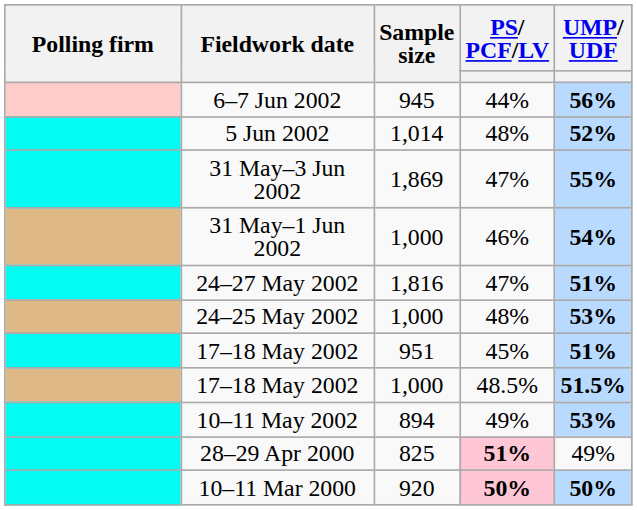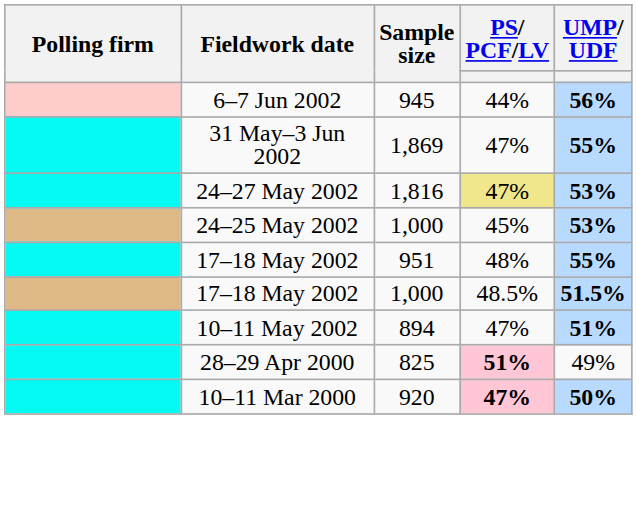 <table class="wikitable sortable" style="text-align:center;font-size:90%;line-height:14px;">
 <tr style="height:40px;">
 <th style="width:100px;" rowspan="2">Polling firm</th>
 <th style="width:110px;" rowspan="2">Fieldwork date</th>
 <th style="width:35px;" rowspan="2">Sample<br>size</th>
 <th class="unsortable" style="width:40px;"><a href='#'>PS</a>/<br><a href='#'>PCF</a>/<a href='#'>LV</a></th>
 <th class="unsortable" style="width:40px;"><a href='#'>UMP</a>/<br><a href='#'>UDF</a></th>
 </tr>
 <tr>
 <th style="background:"></th>
 <th style="background:"></th>
 </tr>
 <tr>
 <td style="background:#FFCCCC;"></td>
 <td data-sort-value="2002-06-07">6–7 Jun 2002</td>
 <td>945</td>
 <td>44%</td>
 <td style="background:#B9DAFF;"><strong>56%</strong></td>
 </tr>
 <tr>
 <td style="background:#04FBF4;"></td>
-<td data-sort-value="2002-06-05">5 Jun 2002</td>
-<td>1,014</td>
-<td>48%</td>
-<td style="background:#B9DAFF;"><strong>52%</strong></td>
-</tr>
-<tr>
-<td style="background:#04FBF4;"></td>
 <td data-sort-value="2002-06-03">31 May–3 Jun 2002</td>
 <td>1,869</td>
 <td>47%</td>
 <td style="background:#B9DAFF;"><strong>55%</strong></td>
 </tr>
 <tr>
-<td style="background:burlywood;"></td>
-<td data-sort-value="2002-06-01">31 May–1 Jun 2002</td>
-<td>1,000</td>
-<td>46%</td>
-<td style="background:#B9DAFF;"><strong>54%</strong></td>
-</tr>
-<tr>
 <td style="background:#04FBF4;"></td>
 <td data-sort-value="2002-05-27">24–27 May 2002</td>
 <td>1,816</td>
-<td>47%</td>
-<td style="background:#B9DAFF;"><strong>51%</strong></td>
+<td style="background: khaki;">47%</td>
+<td style="background:#B9DAFF;"><strong>53%</strong></td>
 </tr>
 <tr>
 <td style="background:burlywood;"></td>
 <td data-sort-value="2002-05-25">24–25 May 2002</td>
 <td>1,000</td>
-<td>48%</td>
+<td>45%</td>
 <td style="background:#B9DAFF;"><strong>53%</strong></td>
 </tr>
 <tr>
 <td style="background:#04FBF4;"></td>
 <td data-sort-value="2002-05-18">17–18 May 2002</td>
 <td>951</td>
-<td>45%</td>
-<td style="background:#B9DAFF;"><strong>51%</strong></td>
+<td>48%</td>
+<td style="background:#B9DAFF;"><strong>55%</strong></td>
 </tr>
 <tr>
 <td style="background:burlywood;"></td>
 <td data-sort-value="2002-05-18">17–18 May 2002</td>
 <td>1,000</td>
 <td>48.5%</td>
 <td style="background:#B9DAFF;"><strong>51.5%</strong></td>
 </tr>
 <tr>
 <td style="background:#04FBF4;"></td>
 <td data-sort-value="2002-05-11">10–11 May 2002</td>
 <td>894</td>
-<td>49%</td>
-<td style="background:#B9DAFF;"><strong>53%</strong></td>
+<td>47%</td>
+<td style="background:#B9DAFF;"><strong>51%</strong></td>
 </tr>
 <tr>
 <td style="background:#04FBF4;"></td>
 <td data-sort-value="2000-04-29">28–29 Apr 2000</td>
 <td>825</td>
 <td style="background:#FFC6D5;"><strong>51%</strong></td>
 <td>49%</td>
 </tr>
 <tr>
 <td style="background:#04FBF4;"></td>
 <td data-sort-value="2000-03-11">10–11 Mar 2000</td>
 <td>920</td>
-<td style="background:#FFC6D5;"><strong>50%</strong></td>
+<td style="background:#FFC6D5;"><strong>47%</strong></td>
 <td style="background:#B9DAFF;"><strong>50%</strong></td>
 </tr>
 </table>
